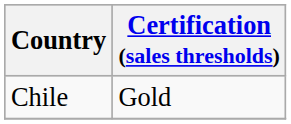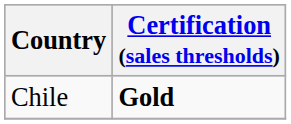 <table class="wikitable sortable">
 <tr>
 <th>Country</th>
 <th><a href='#'>Certification</a><br><small>(<a href='#'>sales thresholds</a>)</small></th>
 </tr>
 <tr>
 <td>Chile</td>
-<td>Gold</td>
+<td><strong>Gold</strong></td>
 </tr>
 <tr>
 </tr>
 </table>
